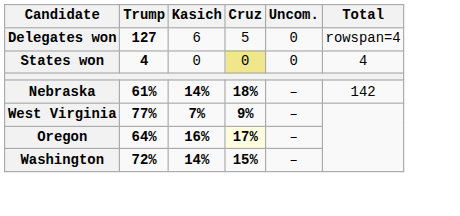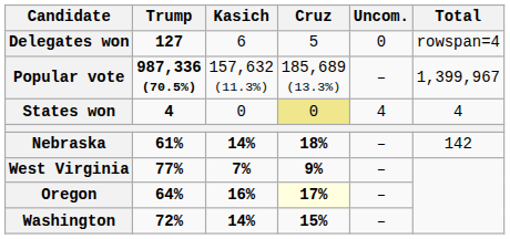 <table class="wikitable" style="font-size:12px; text-align: center;">
 <tr>
 <th>Candidate</th>
 <th>Trump</th>
 <th>Kasich</th>
 <th>Cruz</th>
 <th>Uncom.</th>
 <th>Total</th>
 </tr>
 <tr>
 <th>Delegates won</th>
 <td><strong>127</strong> </td>
 <td> 6 </td>
 <td> 5  </td>
 <td> 0</td>
 <td>rowspan=4 </td>
 </tr>
 <tr>
+<th>Popular vote</th>
+<td><strong>987,336 <br> <small>(70.5%)</small></strong></td>
+<td> 157,632 <br> <small>(11.3%)</small></td>
+<td> 185,689 <br> <small>(13.3%)</small></td>
+<td> –</td>
+<td>1,399,967 </td>
+</tr>
+<tr>
 <th>States won</th>
 <td><strong>4</strong></td>
 <td> 0</td>
 <td style="background: khaki;"> 0</td>
-<td> 0</td>
+<td> 4  </td>
 <td>4</td>
 </tr>
 <tr>
 <th colspan="6"></th>
 </tr>
 <tr>
 <th>Nebraska</th>
 <td><strong>61%</strong></td>
 <td><strong>14%</strong></td>
 <td><strong>18%</strong></td>
 <td> –</td>
 <td>142 </td>
 </tr>
 <tr>
 <th>West Virginia</th>
 <td><strong>77%</strong></td>
 <td><strong>7%</strong></td>
 <td><strong>9%</strong></td>
 <td> –</td>
 </tr>
 <tr>
 <th>Oregon</th>
 <td><strong>64%</strong></td>
 <td><strong>16%</strong></td>
 <td style="background: lightyellow;"><strong>17%</strong></td>
 <td> –</td>
 </tr>
 <tr>
 <th>Washington</th>
 <td><strong>72%</strong></td>
 <td><strong>14%</strong></td>
 <td><strong>15%</strong></td>
 <td> –</td>
 </tr>
 </table>
